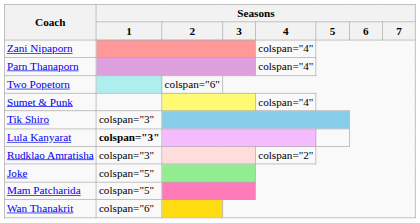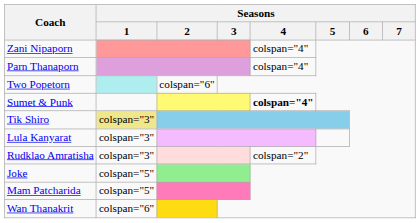 <table class="wikitable">
 <tr>
 <th rowspan="2">Coach</th>
 <th colspan="7">Seasons</th>
 </tr>
 <tr>
 <th width="40">1</th>
 <th width="40">2</th>
 <th width="40">3</th>
 <th width="40">4</th>
 <th width="40">5</th>
 <th width="40">6</th>
 <th width="40">7</th>
 </tr>
 <tr>
 <td><a href='#'>Zani Nipaporn</a></td>
 <td colspan="3" style="background:#ff9999"></td>
 <td>colspan="4" </td>
 </tr>
 <tr>
 <td><a href='#'>Parn Thanaporn</a></td>
 <td colspan="3" style="background:#dda0dd"></td>
 <td>colspan="4" </td>
 </tr>
 <tr>
 <td><a href='#'>Two Popetorn</a></td>
 <td style="background:#afeeee"></td>
 <td>colspan="6" </td>
 </tr>
 <tr>
 <td><a href='#'>Sumet & Punk</a></td>
 <td></td>
 <td colspan="2" style="background:#fffa73"></td>
-<td>colspan="4" </td>
+<td><strong>colspan="4" </strong></td>
 </tr>
 <tr>
 <td><a href='#'>Tik Shiro</a></td>
-<td>colspan="3" </td>
+<td style="background: khaki;">colspan="3" </td>
 <td colspan="4" style="background:#87ceeb"></td>
 </tr>
 <tr>
 <td><a href='#'>Lula Kanyarat</a></td>
-<td><strong>colspan="3" </strong></td>
+<td>colspan="3" </td>
 <td colspan="3" style="background:#f4bbff"></td>
 <td></td>
 </tr>
 <tr>
 <td><a href='#'>Rudklao Amratisha</a></td>
 <td>colspan="3" </td>
 <td colspan="2" style="background:#ffdddd;"></td>
 <td>colspan="2" </td>
 </tr>
 <tr>
 <td><a href='#'>Joke</a></td>
 <td>colspan="5" </td>
 <td colspan="2" style="background:#90ee90"></td>
 </tr>
 <tr>
 <td><a href='#'>Mam Patcharida</a></td>
 <td>colspan="5" </td>
 <td colspan="2" style="background:#ff7ab9"></td>
 </tr>
 <tr>
 <td><a href='#'>Wan Thanakrit</a></td>
 <td>colspan="6" </td>
 <td style="background:#ffdb11"></td>
 </tr>
 </table>
